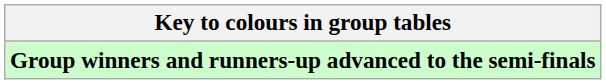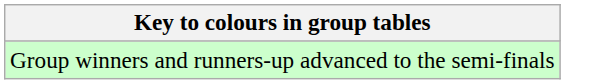 <table class="wikitable">
 <tr>
 <th colspan=2>Key to colours in group tables</th>
 </tr>
 <tr>
-<td bgcolor=ccffcc><strong>Group winners and runners-up advanced to the semi-finals</strong></td>
+<td bgcolor=ccffcc>Group winners and runners-up advanced to the semi-finals</td>
 </tr>
 </table>
